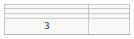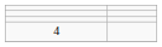 <table class="wikitable" width="200px">
 <tr>
 <td align=center></td>
 <td></td>
 </tr>
 <tr>
 <td align=center></td>
 <td></td>
 </tr>
 <tr>
 <td align=center></td>
 <td></td>
 </tr>
 <tr>
-<td align=center>3</td>
+<td align=center>4</td>
 <td></td>
 </tr>
 <tr>
 </tr>
 </table>
